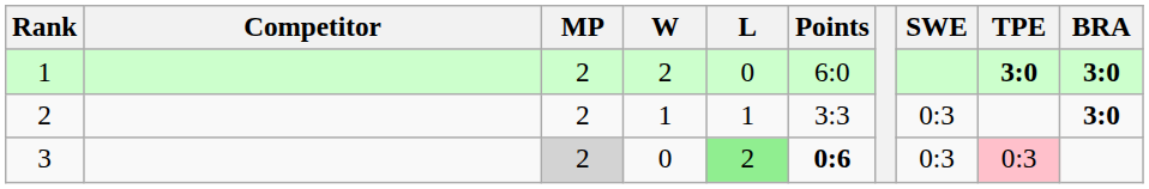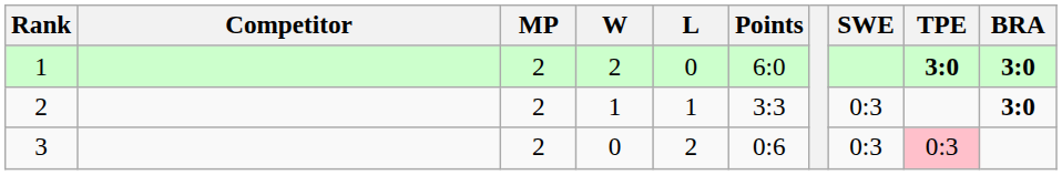 <table class="wikitable" style="text-align:center">
 <tr>
 <th>Rank</th>
 <th style="width:16em">Competitor</th>
 <th style="width:2.5em">MP</th>
 <th style="width:2.5em">W</th>
 <th style="width:2.5em">L</th>
 <th>Points</th>
 <th rowspan="4"> </th>
 <th style="width:2.5em">SWE</th>
 <th style="width:2.5em">TPE</th>
 <th style="width:2.5em">BRA</th>
 </tr>
 <tr style="background:#cfc;">
 <td>1</td>
 <td style="text-align:left"></td>
 <td>2</td>
 <td>2</td>
 <td>0</td>
 <td>6:0</td>
 <td></td>
 <td><strong>3:0</strong></td>
 <td><strong>3:0</strong></td>
 </tr>
 <tr>
 <td>2</td>
 <td style="text-align:left"></td>
 <td>2</td>
 <td>1</td>
 <td>1</td>
 <td>3:3</td>
 <td>0:3</td>
 <td></td>
 <td><strong>3:0</strong></td>
 </tr>
 <tr>
 <td>3</td>
 <td style="text-align:left"></td>
-<td style="background: lightgrey;">2</td>
+<td>2</td>
 <td>0</td>
-<td style="background: lightgreen;">2</td>
-<td><strong>0:6</strong></td>
+<td>2</td>
+<td>0:6</td>
 <td>0:3</td>
 <td style="background: pink;">0:3</td>
 <td></td>
 </tr>
 </table>
